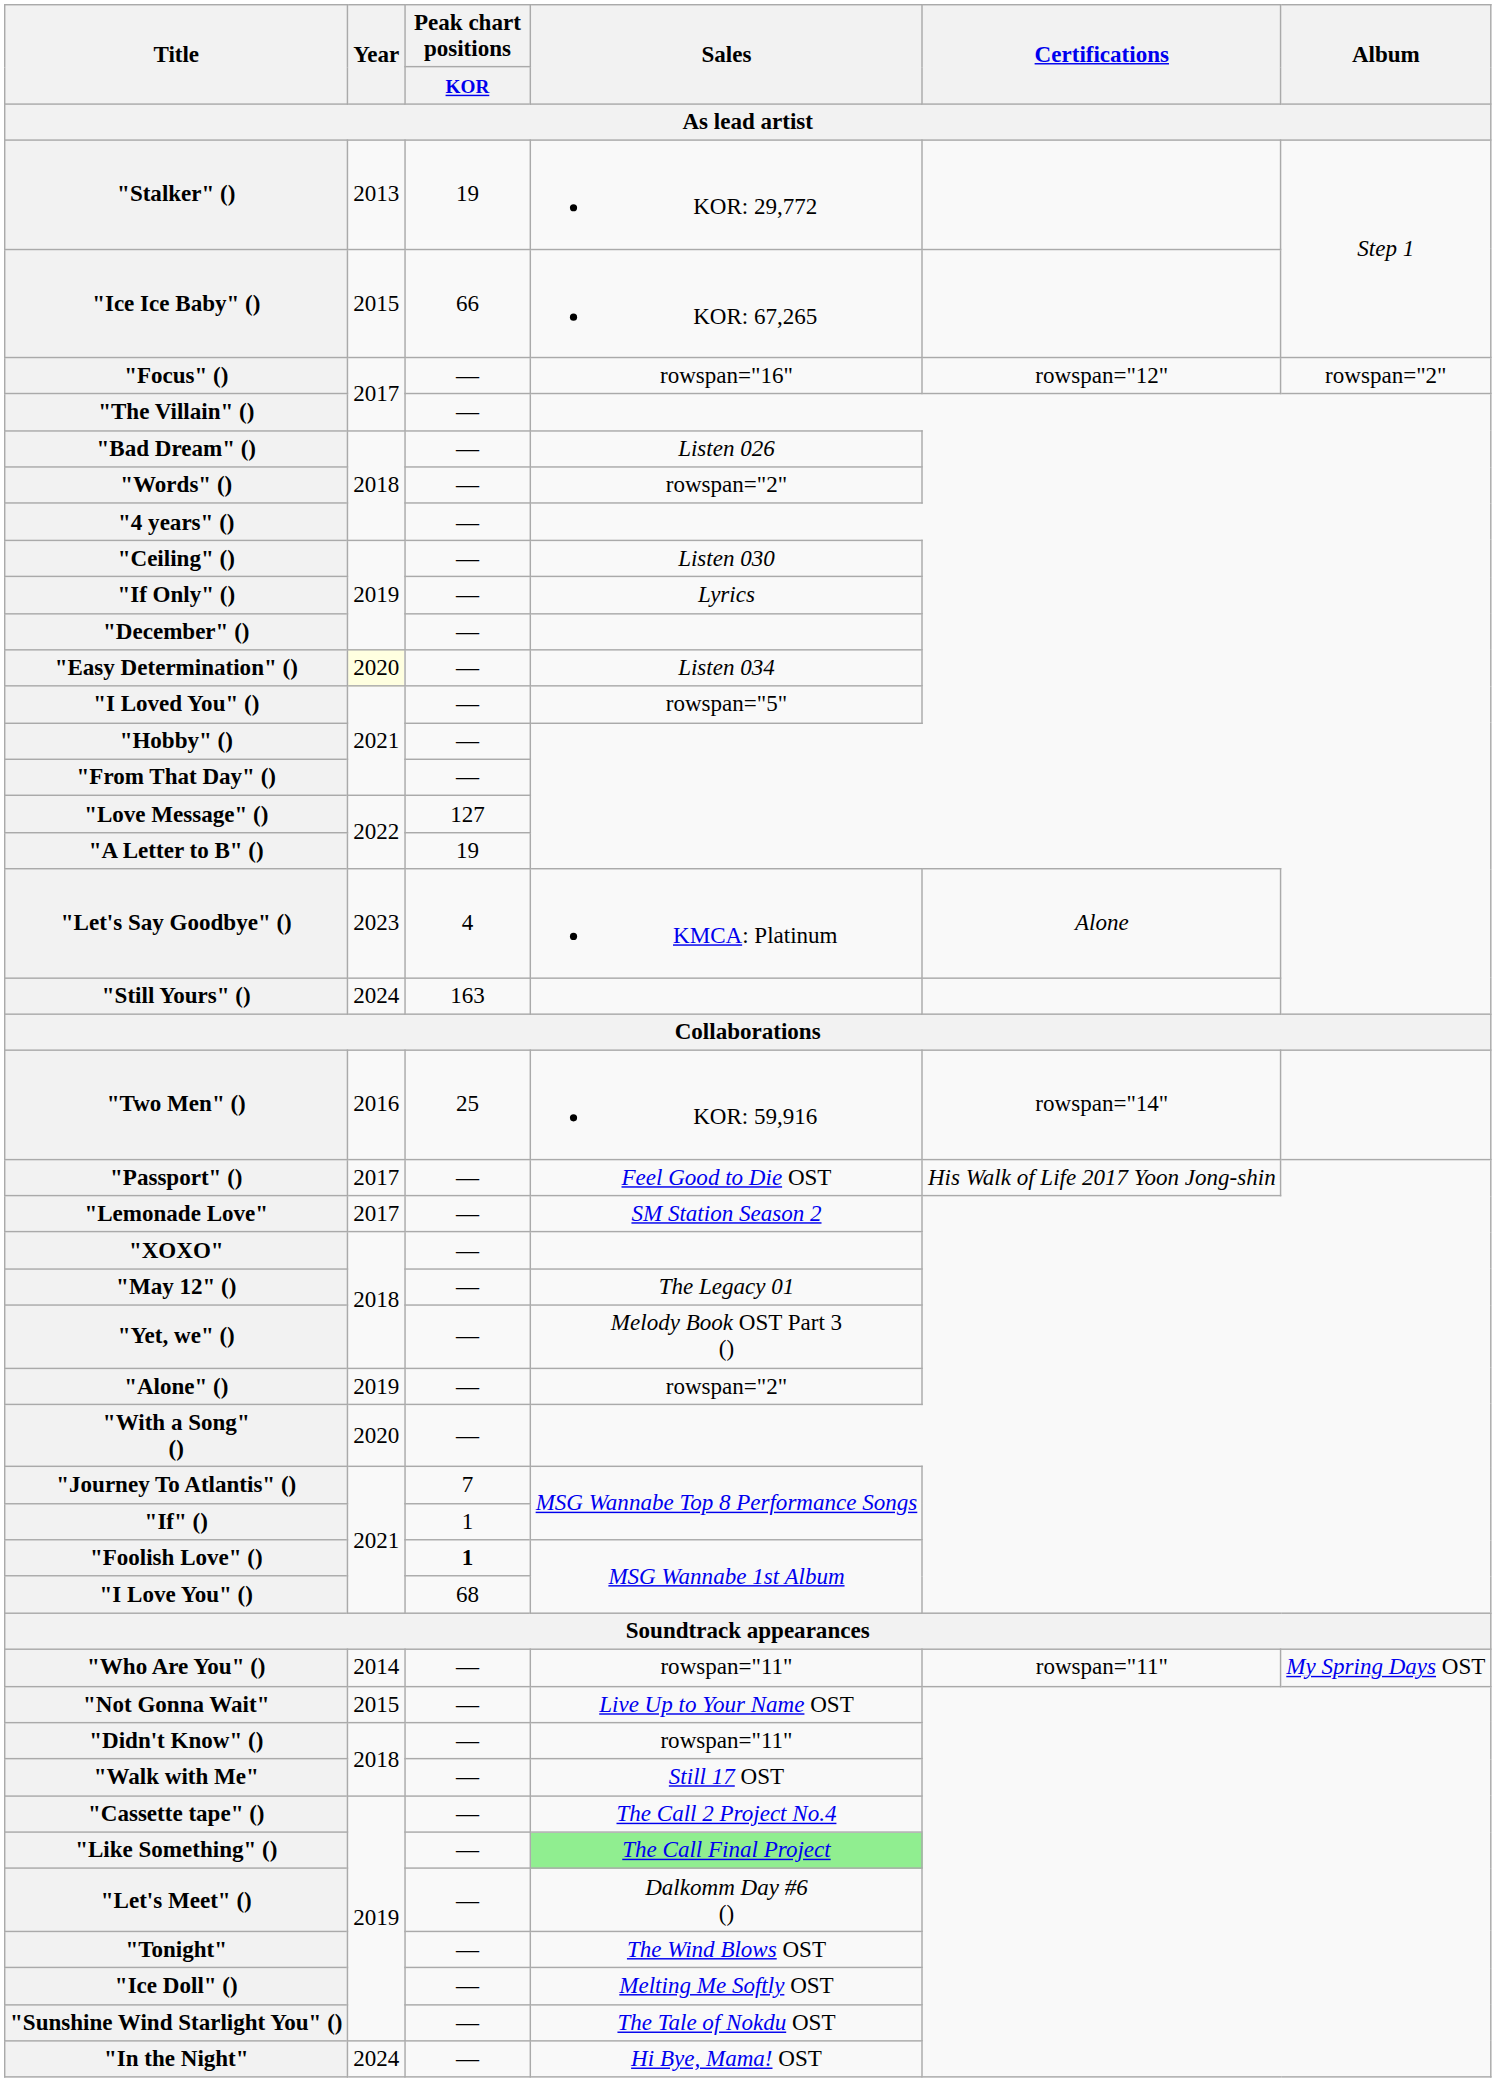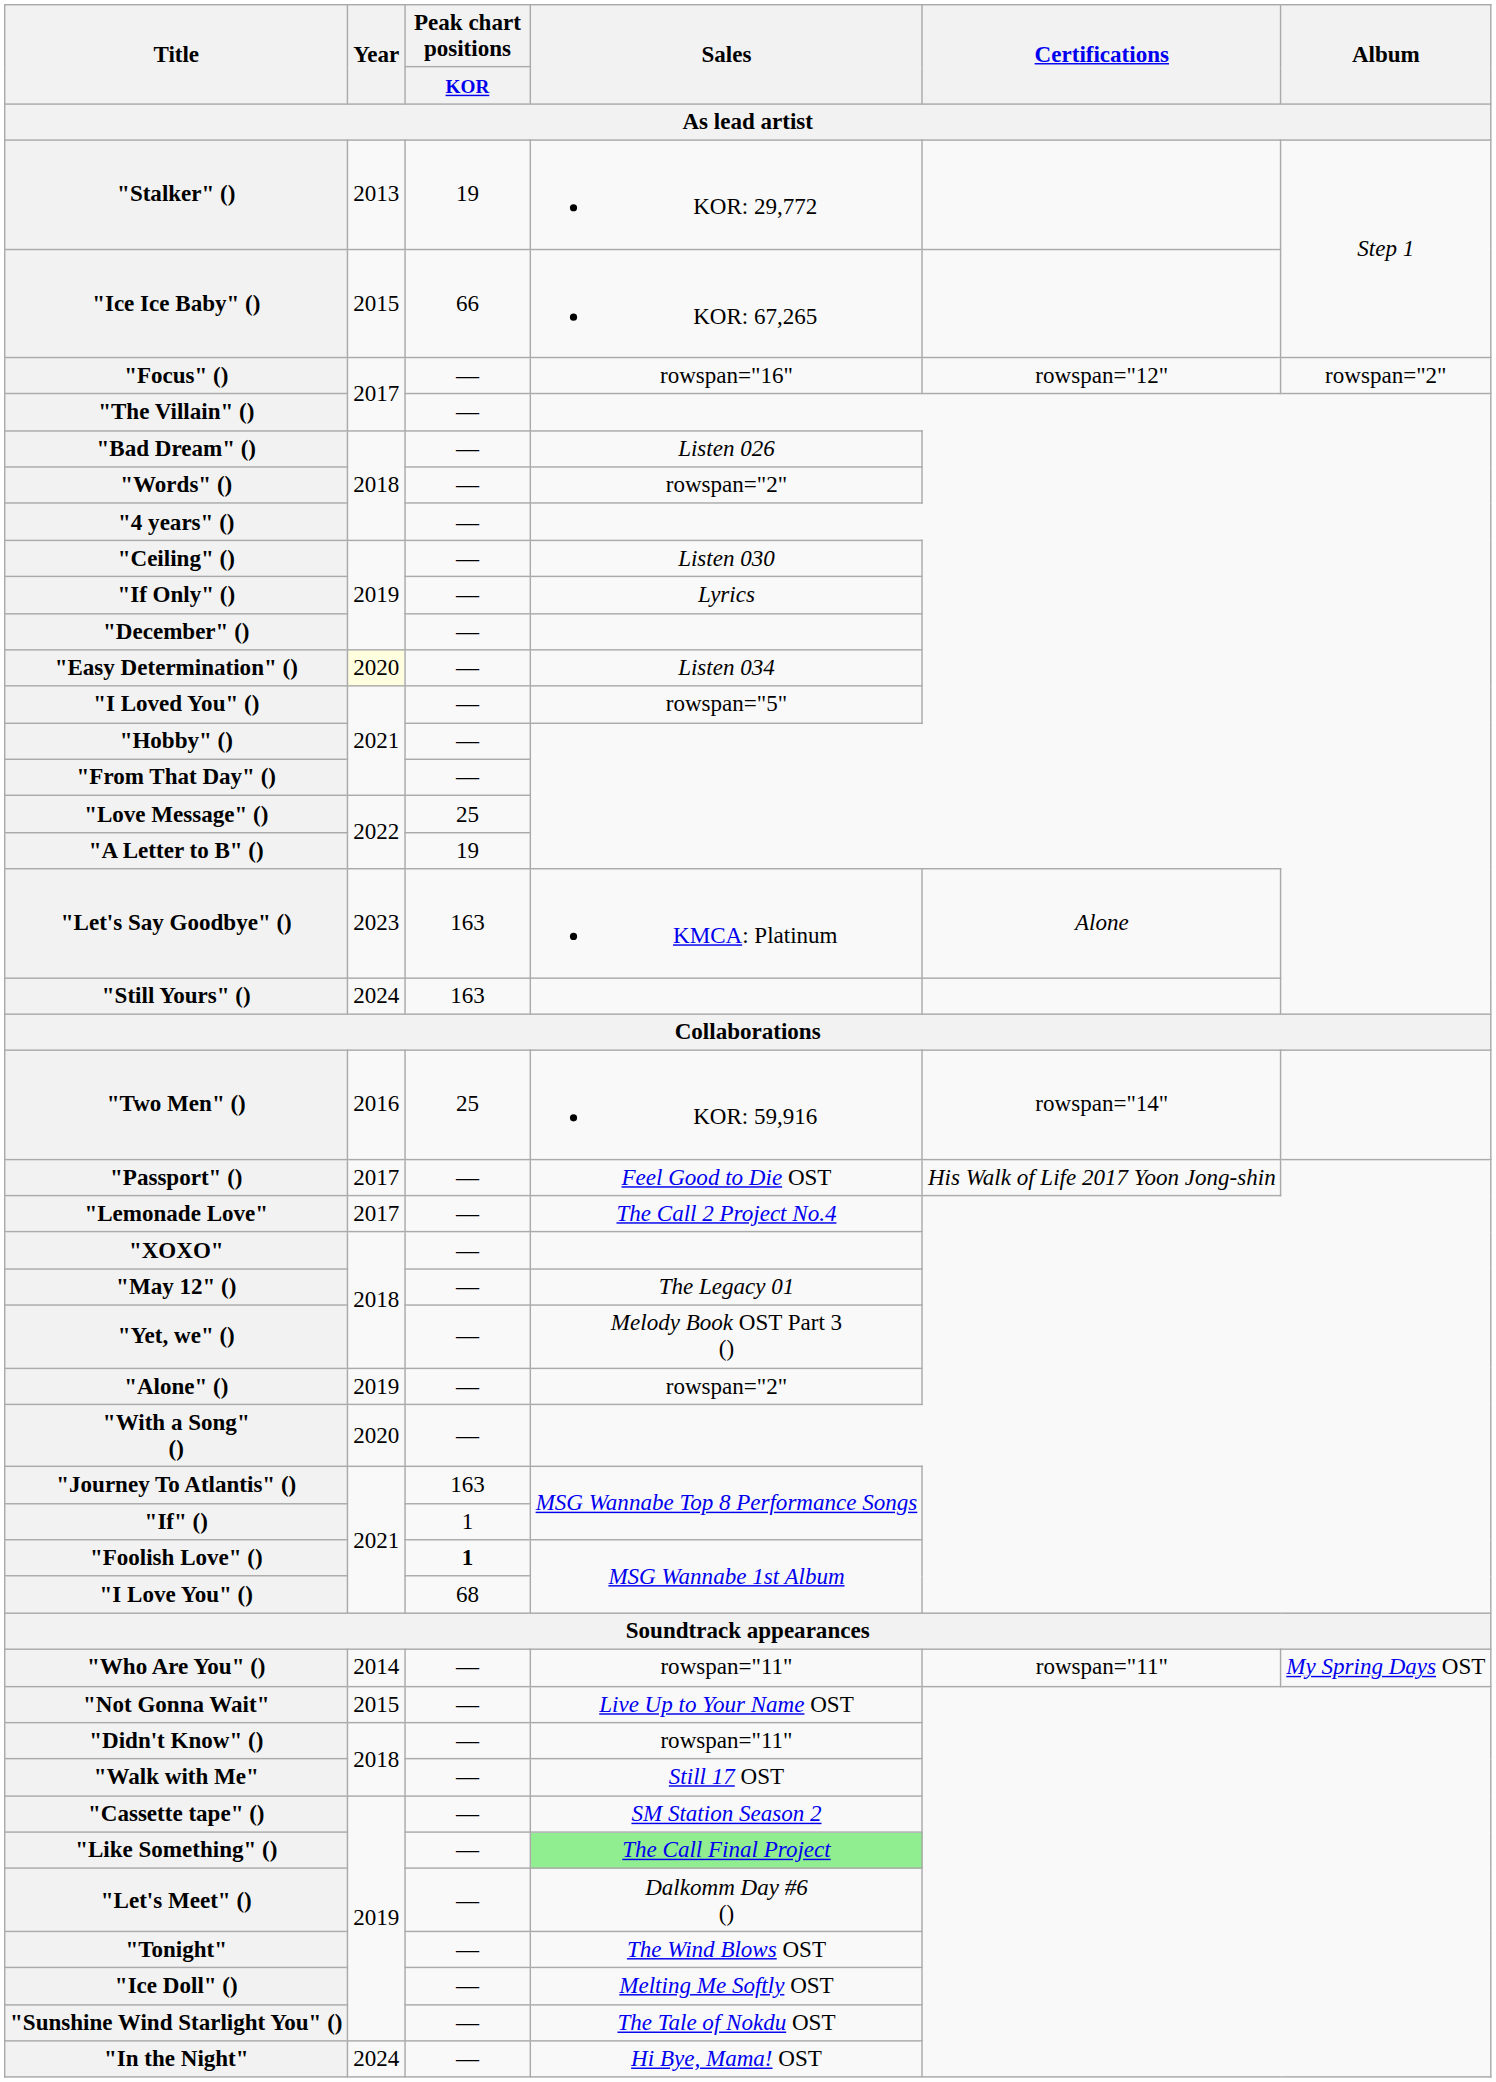 <table class="wikitable plainrowheaders" style="text-align:center;">
 <tr>
 <th scope="col" rowspan="2">Title</th>
 <th scope="col" rowspan="2">Year</th>
 <th scope="col" style="width:5em;">Peak chart positions</th>
 <th scope="col" rowspan="2">Sales</th>
 <th scope="col" rowspan="2"><a href='#'>Certifications</a></th>
 <th scope="col" rowspan="2">Album</th>
 </tr>
 <tr>
 <th><small><a href='#'>KOR</a></small><br></th>
 </tr>
 <tr>
 <th colspan="6">As lead artist</th>
 </tr>
 <tr>
 <th scope="row">"Stalker" ()</th>
 <td>2013</td>
 <td>19</td>
 <td><br><ul><li>KOR: 29,772</li></ul></td>
 <td></td>
 <td rowspan="2"><em>Step 1</em></td>
 </tr>
 <tr>
 <th scope="row">"Ice Ice Baby" ()<br></th>
 <td>2015</td>
 <td>66</td>
 <td><br><ul><li>KOR: 67,265</li></ul></td>
 <td></td>
 </tr>
 <tr>
 <th scope="row">"Focus" ()</th>
 <td rowspan="2">2017</td>
 <td>—</td>
 <td>rowspan="16" </td>
 <td>rowspan="12" </td>
 <td>rowspan="2" </td>
 </tr>
 <tr>
 <th scope="row">"The Villain" ()</th>
 <td>—</td>
 </tr>
 <tr>
 <th scope="row">"Bad Dream" ()</th>
 <td rowspan="3">2018</td>
 <td>—</td>
 <td><em>Listen 026</em></td>
 </tr>
 <tr>
 <th scope="row">"Words" ()</th>
 <td>—</td>
 <td>rowspan="2" </td>
 </tr>
 <tr>
 <th scope="row">"4 years" ()</th>
 <td>—</td>
 </tr>
 <tr>
 <th scope="row">"Ceiling" ()</th>
 <td rowspan="3">2019</td>
 <td>—</td>
 <td><em>Listen 030</em></td>
 </tr>
 <tr>
 <th scope="row">"If Only" ()</th>
 <td>—</td>
 <td><em>Lyrics</em></td>
 </tr>
 <tr>
 <th scope="row">"December" ()</th>
 <td>—</td>
 <td></td>
 </tr>
 <tr>
 <th scope="row">"Easy Determination" ()</th>
 <td style="background: lightyellow;">2020</td>
 <td>—</td>
 <td><em>Listen 034</em></td>
 </tr>
 <tr>
 <th scope="row">"I Loved You" ()</th>
 <td rowspan="3">2021</td>
 <td>—</td>
 <td>rowspan="5" </td>
 </tr>
 <tr>
 <th scope="row">"Hobby" ()</th>
 <td>—</td>
 </tr>
 <tr>
 <th scope="row">"From That Day" ()</th>
 <td>—</td>
 </tr>
 <tr>
 <th scope="row">"Love Message" ()</th>
 <td rowspan="2">2022</td>
-<td>127</td>
+<td>25</td>
 </tr>
 <tr>
 <th scope="row">"A Letter to B" ()</th>
 <td>19</td>
 </tr>
 <tr>
 <th scope="row">"Let's Say Goodbye" ()</th>
 <td>2023</td>
-<td>4</td>
+<td>163</td>
 <td><br><ul><li><a href='#'>KMCA</a>: Platinum</li></ul></td>
 <td><em>Alone</em></td>
 </tr>
 <tr>
 <th scope="row">"Still Yours" ()</th>
 <td>2024</td>
 <td>163</td>
 <td></td>
 <td></td>
 </tr>
 <tr>
 <th colspan="6">Collaborations</th>
 </tr>
 <tr>
 <th scope="row">"Two Men"  ()<br></th>
 <td>2016</td>
 <td>25</td>
 <td><br><ul><li>KOR: 59,916</li></ul></td>
 <td>rowspan="14" </td>
 <td></td>
 </tr>
 <tr>
 <th scope="row">"Passport"  ()<br></th>
 <td>2017</td>
 <td>—</td>
 <td><em><a href='#'>Feel Good to Die</a></em> OST</td>
 <td><em>His Walk of Life 2017 Yoon Jong-shin</em></td>
 </tr>
 <tr>
 <th scope="row">"Lemonade Love"<br></th>
 <td>2017</td>
 <td>—</td>
-<td><em><a href='#'>SM Station Season 2</a></em></td>
+<td><em><a href='#'>The Call 2 Project No.4</a></em></td>
 </tr>
 <tr>
 <th scope="row">"XOXO"<br></th>
 <td rowspan="3">2018</td>
 <td>—</td>
 <td></td>
 </tr>
 <tr>
 <th scope="row">"May 12"  ()<br></th>
 <td>—</td>
 <td><em>The Legacy 01</em></td>
 </tr>
 <tr>
 <th scope="row">"Yet, we" () <br></th>
 <td>—</td>
 <td><em>Melody Book</em> OST Part 3 <br>()</td>
 </tr>
 <tr>
 <th scope="row">"Alone" () <br></th>
 <td>2019</td>
 <td>—</td>
 <td>rowspan="2" </td>
 </tr>
 <tr>
 <th scope="row">"With a Song" <br>()</th>
 <td>2020</td>
 <td>—</td>
 </tr>
 <tr>
 <th scope="row">"Journey To Atlantis" ()<br></th>
 <td rowspan="4">2021</td>
-<td>7</td>
+<td>163</td>
 <td rowspan="2"><em><a href='#'>MSG Wannabe Top 8 Performance Songs</a></em></td>
 </tr>
 <tr>
 <th scope="row">"If" ()<br></th>
 <td>1</td>
 </tr>
 <tr>
 <th scope="row">"Foolish Love" ()<br></th>
 <td><strong>1</strong></td>
 <td rowspan="2"><em><a href='#'>MSG Wannabe 1st Album</a></em></td>
 </tr>
 <tr>
 <th scope="row">"I Love You" ()<br></th>
 <td>68</td>
 </tr>
 <tr>
 <th colspan="6">Soundtrack appearances</th>
 </tr>
 <tr>
 <th scope="row">"Who Are You"  ()</th>
 <td>2014</td>
 <td>—</td>
 <td>rowspan="11" </td>
 <td>rowspan="11" </td>
 <td><em><a href='#'>My Spring Days</a></em> OST</td>
 </tr>
 <tr>
 <th scope="row">"Not Gonna Wait"</th>
 <td>2015</td>
 <td>—</td>
 <td><em><a href='#'>Live Up to Your Name</a></em> OST</td>
 </tr>
 <tr>
 <th scope="row">"Didn't Know" ()</th>
 <td rowspan="2">2018</td>
 <td>—</td>
 <td>rowspan="11" </td>
 </tr>
 <tr>
 <th scope="row">"Walk with Me" </th>
 <td>—</td>
 <td><em><a href='#'>Still 17</a></em> OST</td>
 </tr>
 <tr>
 <th scope="row">"Cassette tape" () <br></th>
 <td rowspan="6">2019</td>
 <td>—</td>
-<td><em><a href='#'>The Call 2 Project No.4</a></em></td>
+<td><em><a href='#'>SM Station Season 2</a></em></td>
 </tr>
 <tr>
 <th scope="row">"Like Something" ()<br></th>
 <td>—</td>
 <td style="background: lightgreen;"><em><a href='#'>The Call Final Project</a></em></td>
 </tr>
 <tr>
 <th scope="row">"Let's Meet" () <br></th>
 <td>—</td>
 <td><em>Dalkomm Day #6</em> <br>()</td>
 </tr>
 <tr>
 <th scope="row">"Tonight"</th>
 <td>—</td>
 <td><em><a href='#'>The Wind Blows</a></em> OST</td>
 </tr>
 <tr>
 <th scope="row">"Ice Doll" ()</th>
 <td>—</td>
 <td><em><a href='#'>Melting Me Softly</a></em> OST</td>
 </tr>
 <tr>
 <th scope="row">"Sunshine Wind Starlight You" ()</th>
 <td>—</td>
 <td><em><a href='#'>The Tale of Nokdu</a></em> OST</td>
 </tr>
 <tr>
 <th scope="row">"In the Night"</th>
 <td>2024</td>
 <td>—</td>
 <td><em><a href='#'>Hi Bye, Mama!</a></em> OST</td>
 </tr>
 </table>
